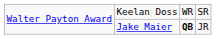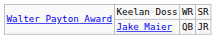 <table class="wikitable">
 <tr>
 <td rowspan=2><a href='#'>Walter Payton Award</a></td>
 <td>Keelan Doss</td>
 <td>WR</td>
 <td>SR</td>
 </tr>
 <tr>
 <td><a href='#'>Jake Maier</a></td>
-<td><strong>QB</strong></td>
+<td>QB</td>
 <td>JR</td>
 </tr>
 </table>
